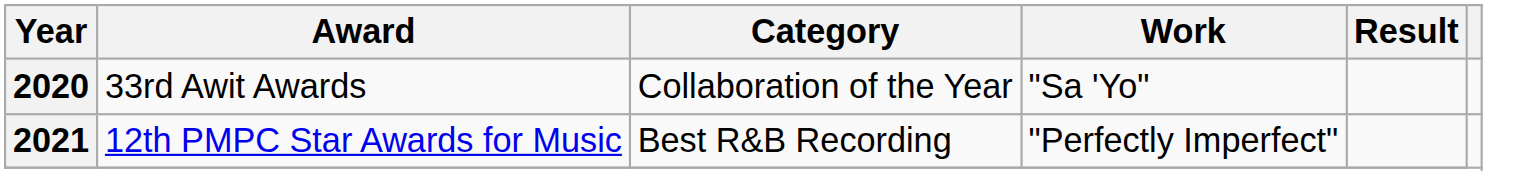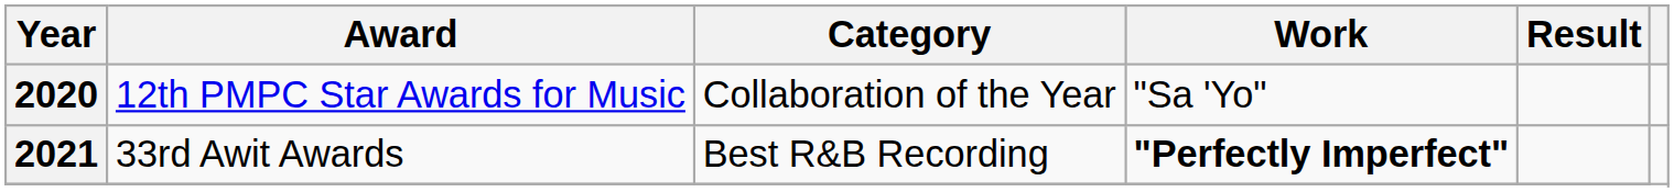 <table class="wikitable">
 <tr>
 <th>Year</th>
 <th>Award</th>
 <th>Category</th>
 <th>Work</th>
 <th>Result</th>
 <th></th>
 </tr>
 <tr>
 <th>2020</th>
-<td>33rd Awit Awards</td>
+<td><a href='#'>12th PMPC Star Awards for Music</a></td>
 <td>Collaboration of the Year </td>
 <td>"Sa 'Yo"</td>
 <td></td>
 <td></td>
 </tr>
 <tr>
 <th>2021</th>
-<td><a href='#'>12th PMPC Star Awards for Music</a></td>
+<td>33rd Awit Awards</td>
 <td>Best R&B Recording</td>
-<td>"Perfectly Imperfect"</td>
+<td><strong>"Perfectly Imperfect"</strong></td>
 <td></td>
 <td rowspan="2"></td>
 </tr>
 <tr>
 </tr>
 </table>
